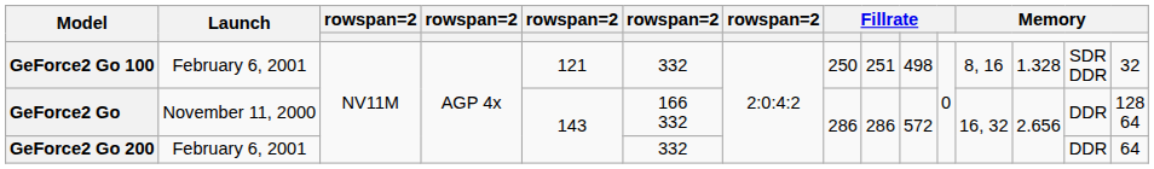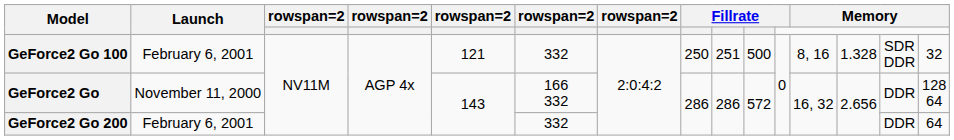 <table class="mw-datatable wikitable sortable" style="font-size:85%; text-align:center;">
 <tr>
 <th rowspan=2>Model</th>
 <th rowspan=2>Launch</th>
 <th>rowspan=2 </th>
 <th>rowspan=2 </th>
 <th>rowspan=2 </th>
 <th>rowspan=2 </th>
 <th>rowspan=2 </th>
 <th colspan=4><a href='#'>Fillrate</a></th>
 <th colspan=4>Memory</th>
 </tr>
 <tr>
 <th></th>
 <th></th>
 <th></th>
 <th></th>
 <th></th>
 <th></th>
 <th></th>
 <th></th>
 </tr>
 <tr>
 <th style="text-align:left">GeForce2 Go 100</th>
 <td>February 6, 2001</td>
 <td rowspan="3">NV11M</td>
 <td rowspan="3">AGP 4x</td>
 <td>121</td>
 <td>332</td>
 <td rowspan="3">2:0:4:2</td>
 <td>250</td>
 <td>251</td>
-<td>498</td>
+<td>500</td>
 <td rowspan="3">0</td>
 <td>8, 16</td>
 <td>1.328</td>
 <td>SDR<br>DDR</td>
 <td>32</td>
 </tr>
 <tr>
 <th style="text-align:left">GeForce2 Go</th>
 <td>November 11, 2000</td>
 <td rowspan="2">143</td>
 <td>166<br>332</td>
 <td rowspan="2">286</td>
 <td rowspan="2">286</td>
 <td rowspan="2">572</td>
 <td rowspan="2">16, 32</td>
 <td rowspan="2">2.656</td>
 <td>DDR</td>
 <td>128<br>64</td>
 </tr>
 <tr>
 <th style="text-align:left">GeForce2 Go 200</th>
 <td>February 6, 2001</td>
 <td>332</td>
 <td>DDR</td>
 <td>64</td>
 </tr>
 </table>
